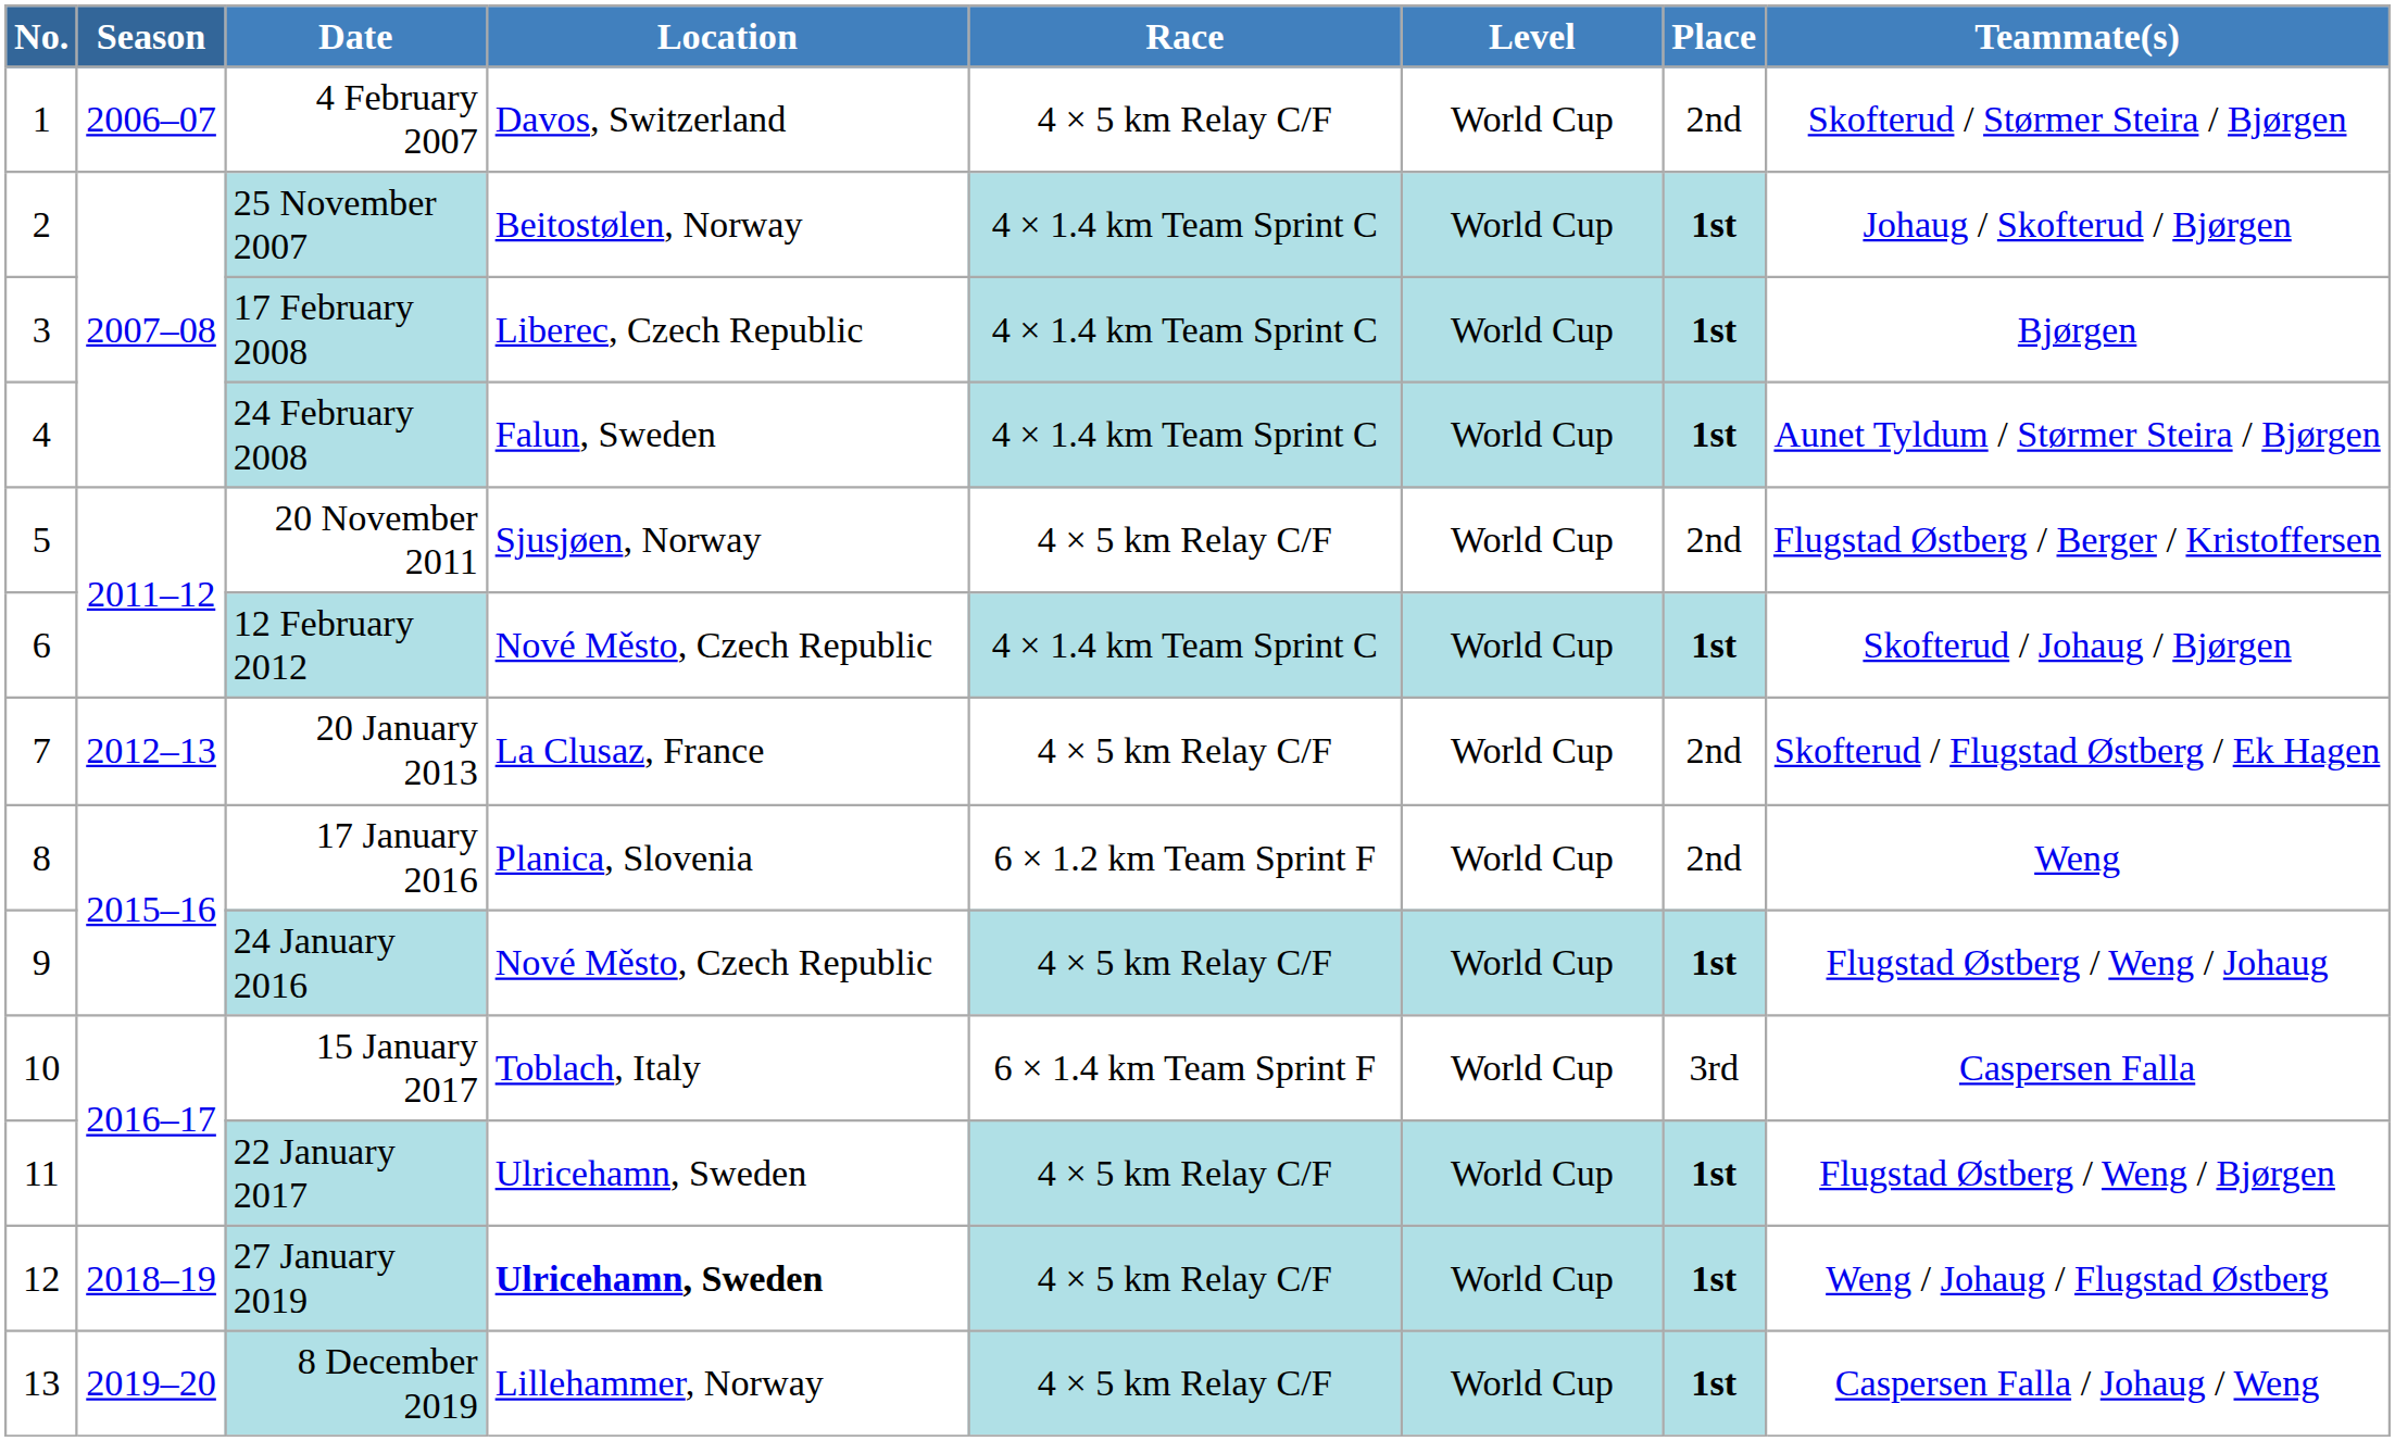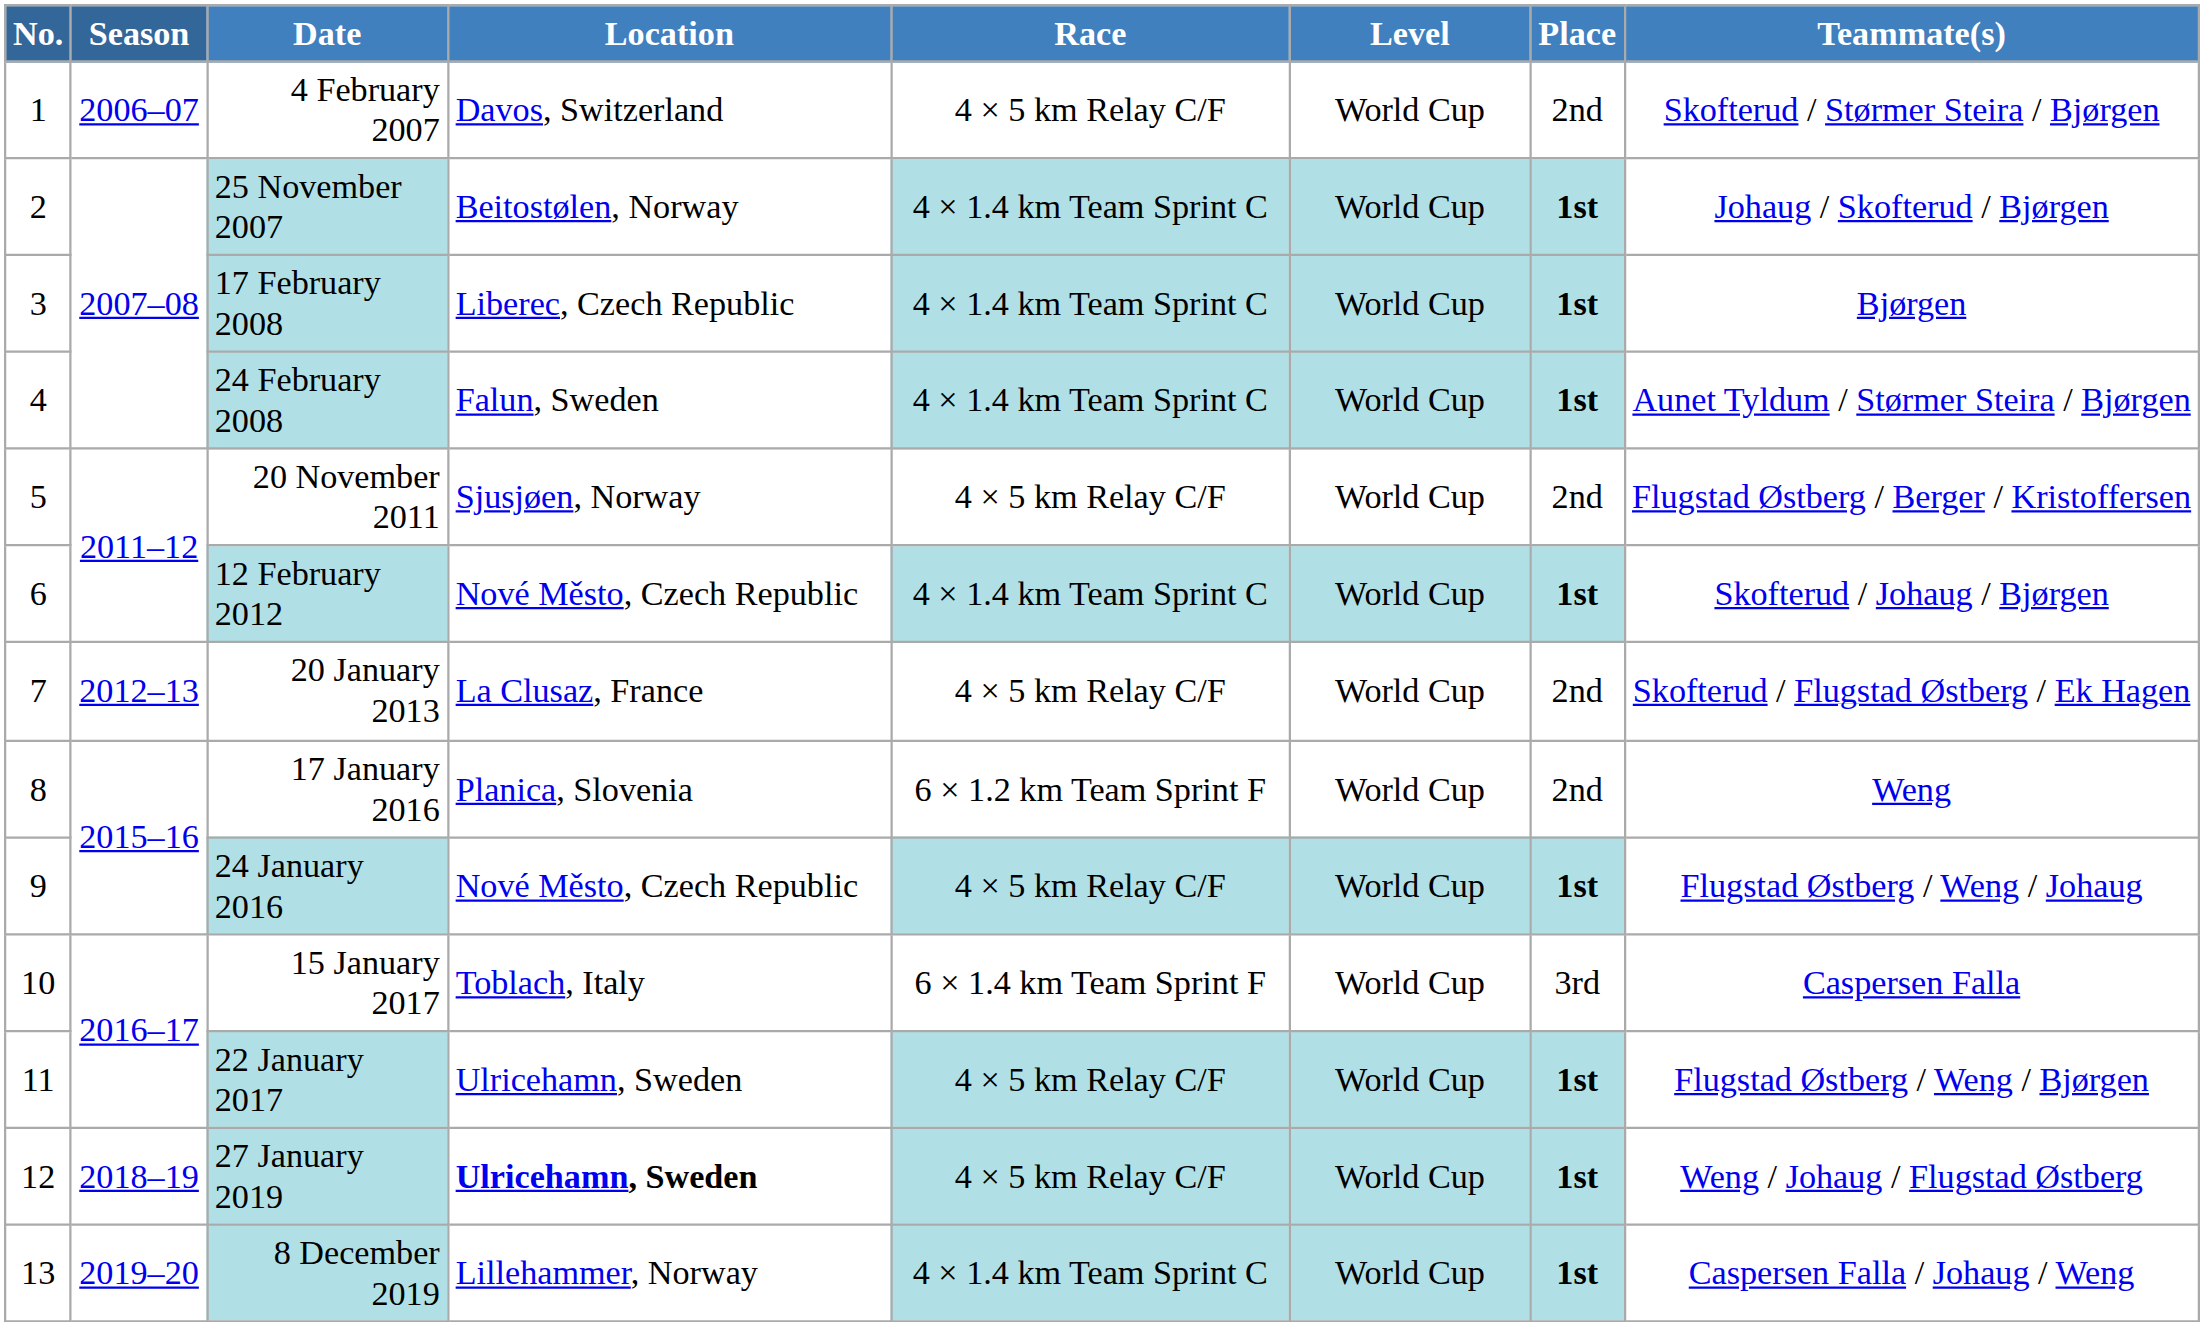 <table class="wikitable sortable" style="font-size:95%; text-align:center; border:grey solid 1px; border-collapse:collapse; background:#ffffff;">
 <tr style="background:#efefef;">
 <th style="background-color:#369; color:white;">No.</th>
 <th style="background-color:#369; color:white;">Season</th>
 <th style="background-color:#4180be; color:white; width:100px;">Date</th>
 <th style="background-color:#4180be; color:white; width:190px;">Location</th>
 <th style="background-color:#4180be; color:white; width:170px;">Race</th>
 <th style="background-color:#4180be; color:white; width:100px;">Level</th>
 <th style="background-color:#4180be; color:white;">Place</th>
 <th style="background-color:#4180be; color:white;">Teammate(s)</th>
 </tr>
 <tr>
 <td align=center>1</td>
 <td rowspan=1 align=center><a href='#'>2006–07</a></td>
 <td align=right>4 February 2007</td>
 <td align=left> <a href='#'>Davos</a>, Switzerland</td>
 <td>4 × 5 km Relay C/F</td>
 <td>World Cup</td>
 <td>2nd</td>
 <td><a href='#'>Skofterud</a> / <a href='#'>Størmer Steira</a> / <a href='#'>Bjørgen</a></td>
 </tr>
 <tr>
 <td align=center>2</td>
 <td rowspan=3 align=center><a href='#'>2007–08</a></td>
 <td align=left bgcolor="#BOEOE6" align=right>25 November 2007</td>
 <td align=left> <a href='#'>Beitostølen</a>, Norway</td>
 <td bgcolor="#BOEOE6" align=center>4 × 1.4 km Team Sprint C</td>
 <td bgcolor="#BOEOE6">World Cup</td>
 <td bgcolor="#BOEOE6"><strong>1st</strong></td>
 <td><a href='#'>Johaug</a> / <a href='#'>Skofterud</a> / <a href='#'>Bjørgen</a></td>
 </tr>
 <tr>
 <td align=center>3</td>
 <td align=left bgcolor="#BOEOE6" align=right>17 February 2008</td>
 <td align=left> <a href='#'>Liberec</a>, Czech Republic</td>
 <td bgcolor="#BOEOE6" align=center>4 × 1.4 km Team Sprint C</td>
 <td bgcolor="#BOEOE6">World Cup</td>
 <td bgcolor="#BOEOE6"><strong>1st</strong></td>
 <td><a href='#'>Bjørgen</a></td>
 </tr>
 <tr>
 <td align=center>4</td>
 <td align=left bgcolor="#BOEOE6" align=right>24 February 2008</td>
 <td align=left> <a href='#'>Falun</a>, Sweden</td>
 <td bgcolor="#BOEOE6" align=center>4 × 1.4 km Team Sprint C</td>
 <td bgcolor="#BOEOE6">World Cup</td>
 <td bgcolor="#BOEOE6"><strong>1st</strong></td>
 <td><a href='#'>Aunet Tyldum</a> / <a href='#'>Størmer Steira</a> / <a href='#'>Bjørgen</a></td>
 </tr>
 <tr>
 <td align=center>5</td>
 <td rowspan=2 align=center><a href='#'>2011–12</a></td>
 <td align=right>20 November 2011</td>
 <td align=left> <a href='#'>Sjusjøen</a>, Norway</td>
 <td>4 × 5 km Relay C/F</td>
 <td>World Cup</td>
 <td>2nd</td>
 <td><a href='#'>Flugstad Østberg</a> / <a href='#'>Berger</a> / <a href='#'>Kristoffersen</a></td>
 </tr>
 <tr>
 <td align=center>6</td>
 <td align=left bgcolor="#BOEOE6" align=right>12 February 2012</td>
 <td align=left> <a href='#'>Nové Město</a>, Czech Republic</td>
 <td bgcolor="#BOEOE6" align=center>4 × 1.4 km Team Sprint C</td>
 <td bgcolor="#BOEOE6">World Cup</td>
 <td bgcolor="#BOEOE6"><strong>1st</strong></td>
 <td><a href='#'>Skofterud</a> / <a href='#'>Johaug</a> / <a href='#'>Bjørgen</a></td>
 </tr>
 <tr>
 <td align=center>7</td>
 <td rowspan=1 align=center><a href='#'>2012–13</a></td>
 <td align=right>20 January 2013</td>
 <td align=left> <a href='#'>La Clusaz</a>, France</td>
 <td>4 × 5 km Relay C/F</td>
 <td>World Cup</td>
 <td>2nd</td>
 <td><a href='#'>Skofterud</a> / <a href='#'>Flugstad Østberg</a> / <a href='#'>Ek Hagen</a></td>
 </tr>
 <tr>
 <td align=center>8</td>
 <td rowspan=2 align=center><a href='#'>2015–16</a></td>
 <td align=right>17 January 2016</td>
 <td align=left> <a href='#'>Planica</a>, Slovenia</td>
 <td>6 × 1.2 km Team Sprint F</td>
 <td>World Cup</td>
 <td>2nd</td>
 <td><a href='#'>Weng</a></td>
 </tr>
 <tr>
 <td align=center>9</td>
 <td align=left bgcolor="#BOEOE6" align=right>24 January 2016</td>
 <td align=left> <a href='#'>Nové Město</a>, Czech Republic</td>
 <td bgcolor="#BOEOE6" align=center>4 × 5 km Relay C/F</td>
 <td bgcolor="#BOEOE6">World Cup</td>
 <td bgcolor="#BOEOE6"><strong>1st</strong></td>
 <td><a href='#'>Flugstad Østberg</a> / <a href='#'>Weng</a> / <a href='#'>Johaug</a></td>
 </tr>
 <tr>
 <td align=center>10</td>
 <td rowspan=2 align=center><a href='#'>2016–17</a></td>
 <td align=right>15 January 2017</td>
 <td align=left> <a href='#'>Toblach</a>, Italy</td>
 <td>6 × 1.4 km Team Sprint F</td>
 <td>World Cup</td>
 <td>3rd</td>
 <td><a href='#'>Caspersen Falla</a></td>
 </tr>
 <tr>
 <td align=center>11</td>
 <td align=left bgcolor="#BOEOE6" align=right>22 January 2017</td>
 <td align=left> <a href='#'>Ulricehamn</a>, Sweden</td>
 <td bgcolor="#BOEOE6" align=center>4 × 5 km Relay C/F</td>
 <td bgcolor="#BOEOE6">World Cup</td>
 <td bgcolor="#BOEOE6"><strong>1st</strong></td>
 <td><a href='#'>Flugstad Østberg</a> / <a href='#'>Weng</a> / <a href='#'>Bjørgen</a></td>
 </tr>
 <tr>
 <td align=center>12</td>
 <td rowspan=1 align=center><a href='#'>2018–19</a></td>
 <td align=left bgcolor="#BOEOE6" align=right>27 January 2019</td>
 <td align=left><strong> <a href='#'>Ulricehamn</a>, Sweden</strong></td>
 <td bgcolor="#BOEOE6" align=center>4 × 5 km Relay C/F</td>
 <td bgcolor="#BOEOE6">World Cup</td>
 <td bgcolor="#BOEOE6"><strong>1st</strong></td>
 <td><a href='#'>Weng</a> / <a href='#'>Johaug</a> / <a href='#'>Flugstad Østberg</a></td>
 </tr>
 <tr>
 <td align=center>13</td>
 <td rowspan=1 align=center><a href='#'>2019–20</a></td>
 <td bgcolor="#BOEOE6" align=right>8 December 2019</td>
 <td align=left> <a href='#'>Lillehammer</a>, Norway</td>
-<td bgcolor="#BOEOE6">4 × 5 km Relay C/F</td>
+<td bgcolor="#BOEOE6" align=center>4 × 1.4 km Team Sprint C</td>
 <td bgcolor="#BOEOE6">World Cup</td>
 <td bgcolor="#BOEOE6"><strong>1st</strong></td>
 <td><a href='#'>Caspersen Falla</a> / <a href='#'>Johaug</a> / <a href='#'>Weng</a></td>
 </tr>
 </table>
